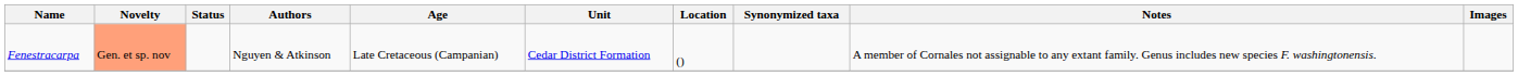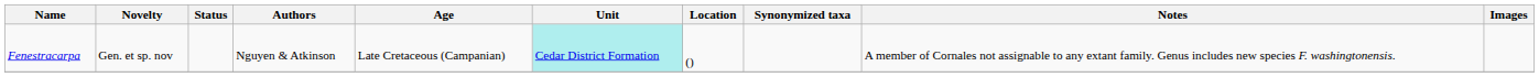 <table class="wikitable sortable" align="center" width="100%">
 <tr>
 <th>Name</th>
 <th>Novelty</th>
 <th>Status</th>
 <th>Authors</th>
 <th>Age</th>
 <th>Unit</th>
 <th>Location</th>
 <th>Synonymized taxa</th>
 <th>Notes</th>
 <th>Images</th>
 </tr>
 <tr>
 <td><br><em><a href='#'>Fenestracarpa</a></em></td>
-<td style="background: lightsalmon;"><br>Gen. et sp. nov</td>
+<td><br>Gen. et sp. nov</td>
 <td></td>
 <td><br>Nguyen & Atkinson</td>
 <td><br>Late Cretaceous (Campanian)</td>
-<td><br><a href='#'>Cedar District Formation</a></td>
+<td style="background: paleturquoise;"><br><a href='#'>Cedar District Formation</a></td>
 <td><br><br>()</td>
 <td></td>
 <td><br>A member of Cornales not assignable to any extant family. Genus includes new species <em>F. washingtonensis</em>.</td>
 <td></td>
 </tr>
 <tr>
 </tr>
 </table>
